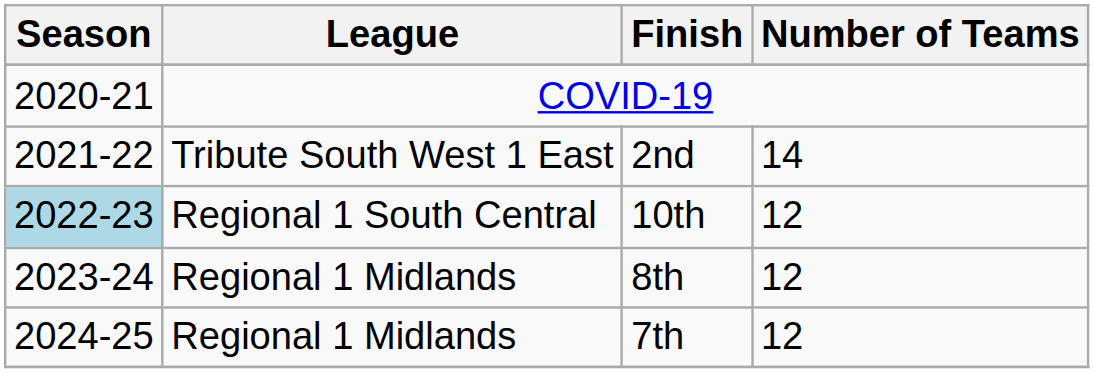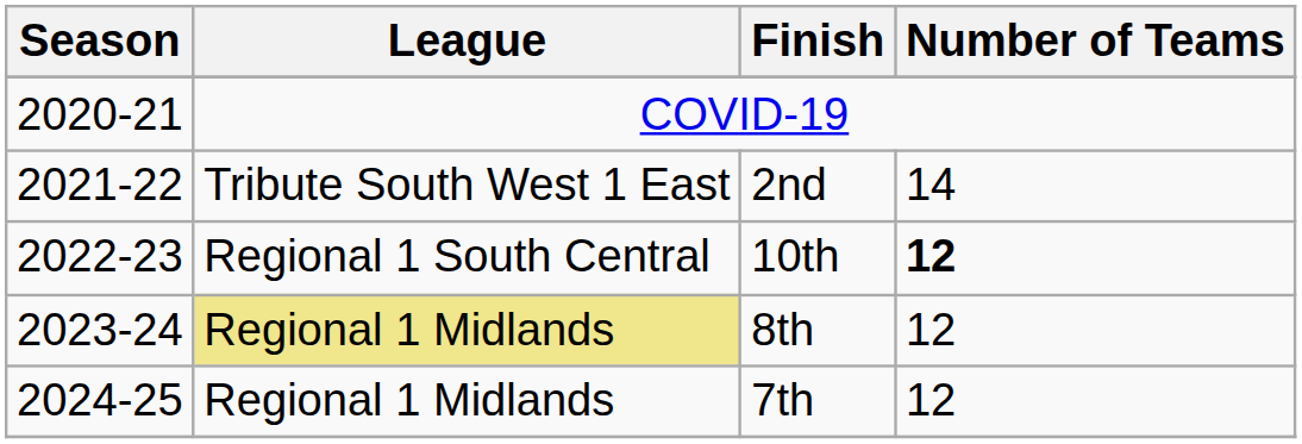 <table class="wikitable sortable">
 <tr>
 <th>Season</th>
 <th>League</th>
 <th>Finish</th>
 <th>Number of Teams</th>
 </tr>
 <tr>
 </tr>
 <tr>
 <td>2020-21</td>
 <td align=center colspan="7"><a href='#'>COVID-19</a></td>
 </tr>
 <tr>
 <td>2021-22</td>
 <td>Tribute South West 1 East</td>
 <td>2nd</td>
 <td>14</td>
 </tr>
 <tr>
-<td style="background: lightblue;">2022-23</td>
+<td>2022-23</td>
 <td>Regional 1 South Central</td>
 <td>10th</td>
-<td>12</td>
+<td><strong>12</strong></td>
 </tr>
 <tr>
 <td>2023-24</td>
-<td>Regional 1 Midlands</td>
+<td style="background: khaki;">Regional 1 Midlands</td>
 <td>8th</td>
 <td>12</td>
 </tr>
 <tr>
 <td>2024-25</td>
 <td>Regional 1 Midlands</td>
 <td>7th</td>
 <td>12</td>
 </tr>
 <tr>
 </tr>
 </table>
